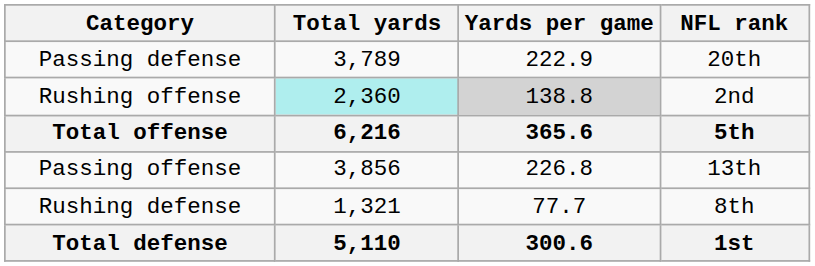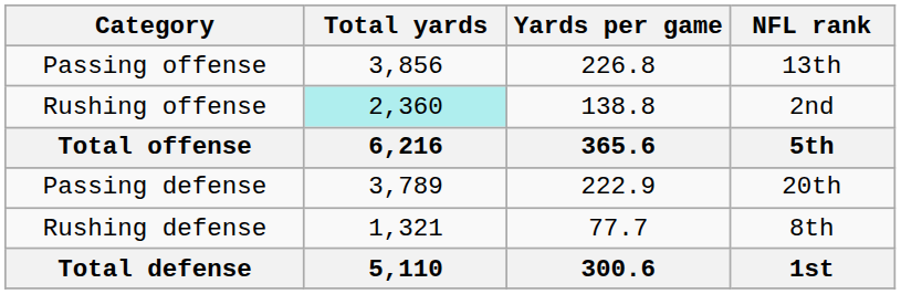 <table class="wikitable" style="text-align:center">
 <tr>
 <th width="150">Category</th>
 <th width="100">Total yards</th>
 <th width="110">Yards per game</th>
 <th width="80">NFL rank<br></th>
 </tr>
 <tr>
-<td>Passing defense</td>
-<td>3,789</td>
-<td>222.9</td>
-<td>20th</td>
+<td>Passing offense</td>
+<td>3,856</td>
+<td>226.8</td>
+<td>13th</td>
 </tr>
 <tr>
 <td>Rushing offense</td>
 <td style="background: paleturquoise;">2,360</td>
-<td style="background: lightgrey;">138.8</td>
+<td>138.8</td>
 <td>2nd</td>
 </tr>
 <tr>
 <th>Total offense</th>
 <th>6,216</th>
 <th>365.6</th>
 <th>5th</th>
 </tr>
 <tr>
-<td>Passing offense</td>
-<td>3,856</td>
-<td>226.8</td>
-<td>13th</td>
+<td>Passing defense</td>
+<td>3,789</td>
+<td>222.9</td>
+<td>20th</td>
 </tr>
 <tr>
 <td>Rushing defense</td>
 <td>1,321</td>
 <td>77.7</td>
 <td>8th</td>
 </tr>
 <tr>
 <th>Total defense</th>
 <th>5,110</th>
 <th>300.6</th>
 <th>1st</th>
 </tr>
 </table>
